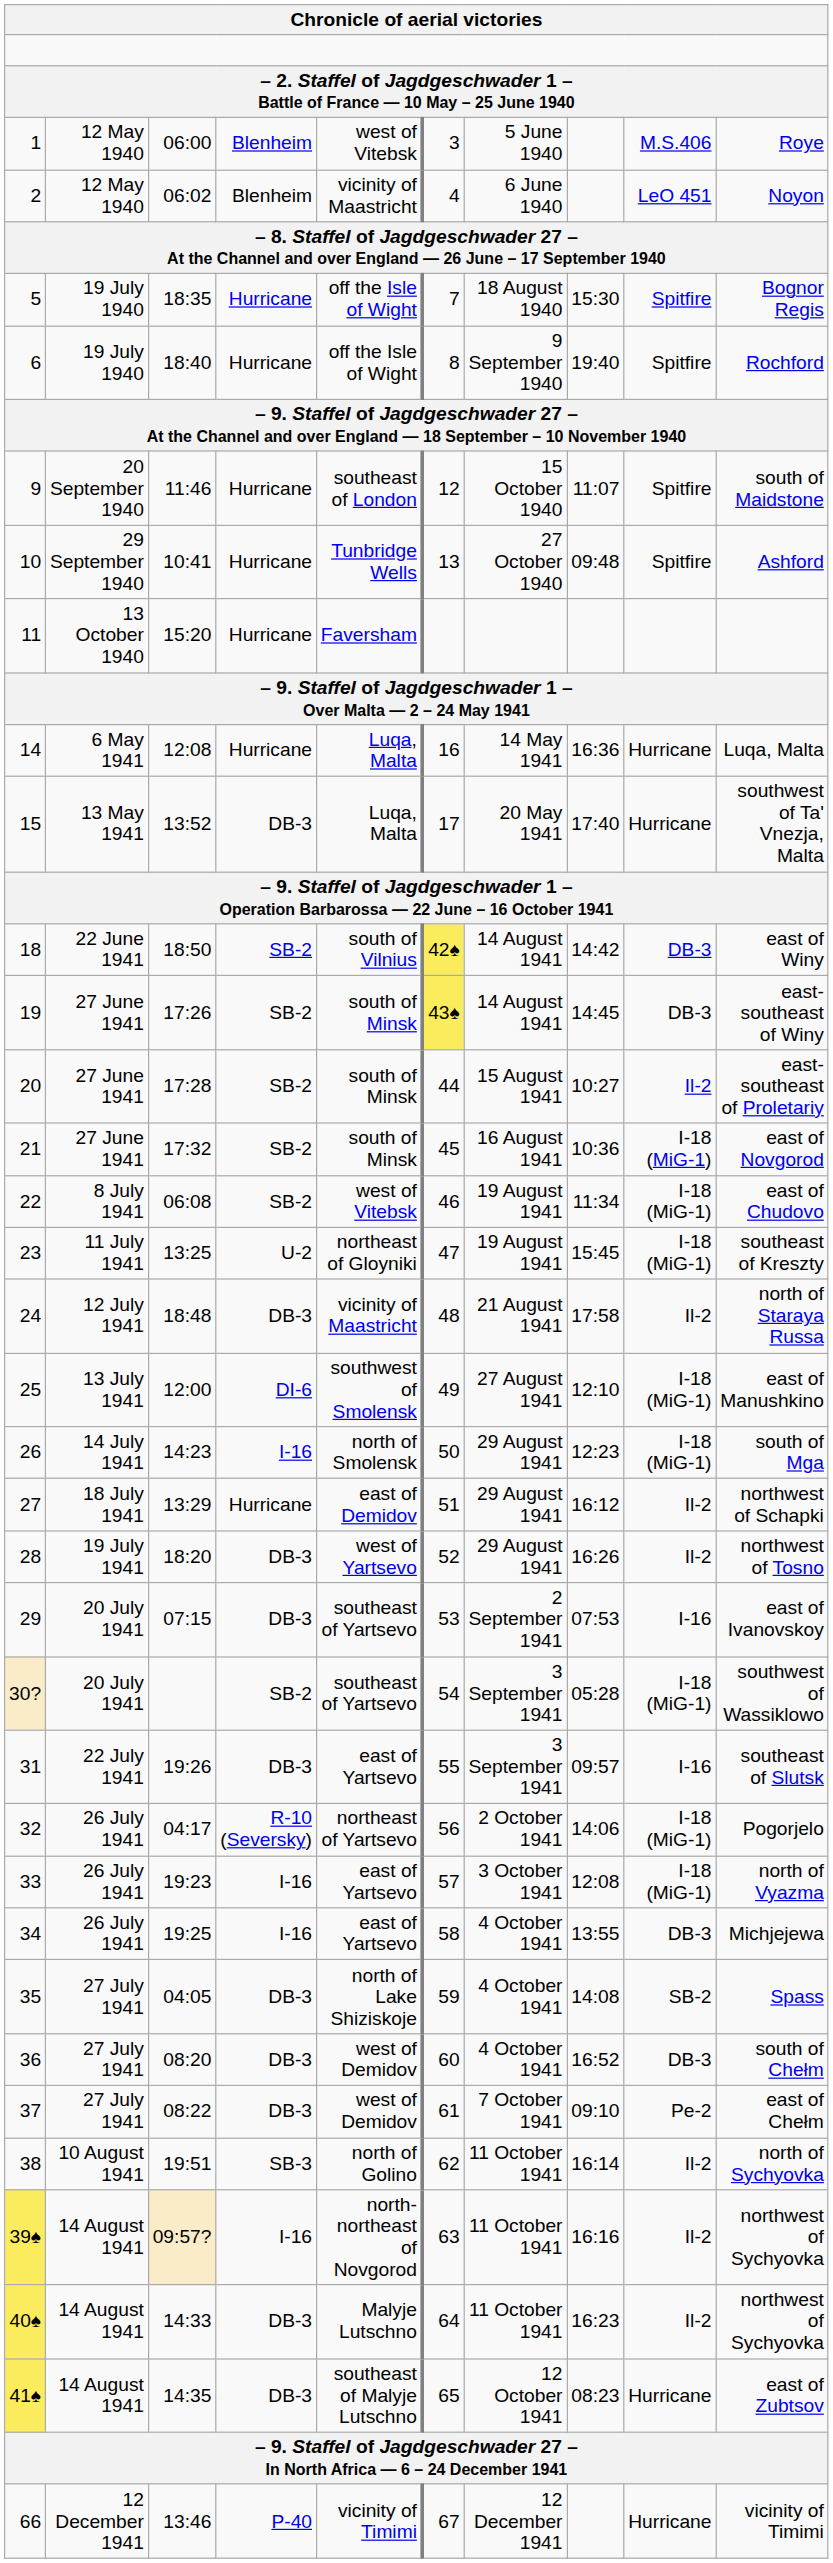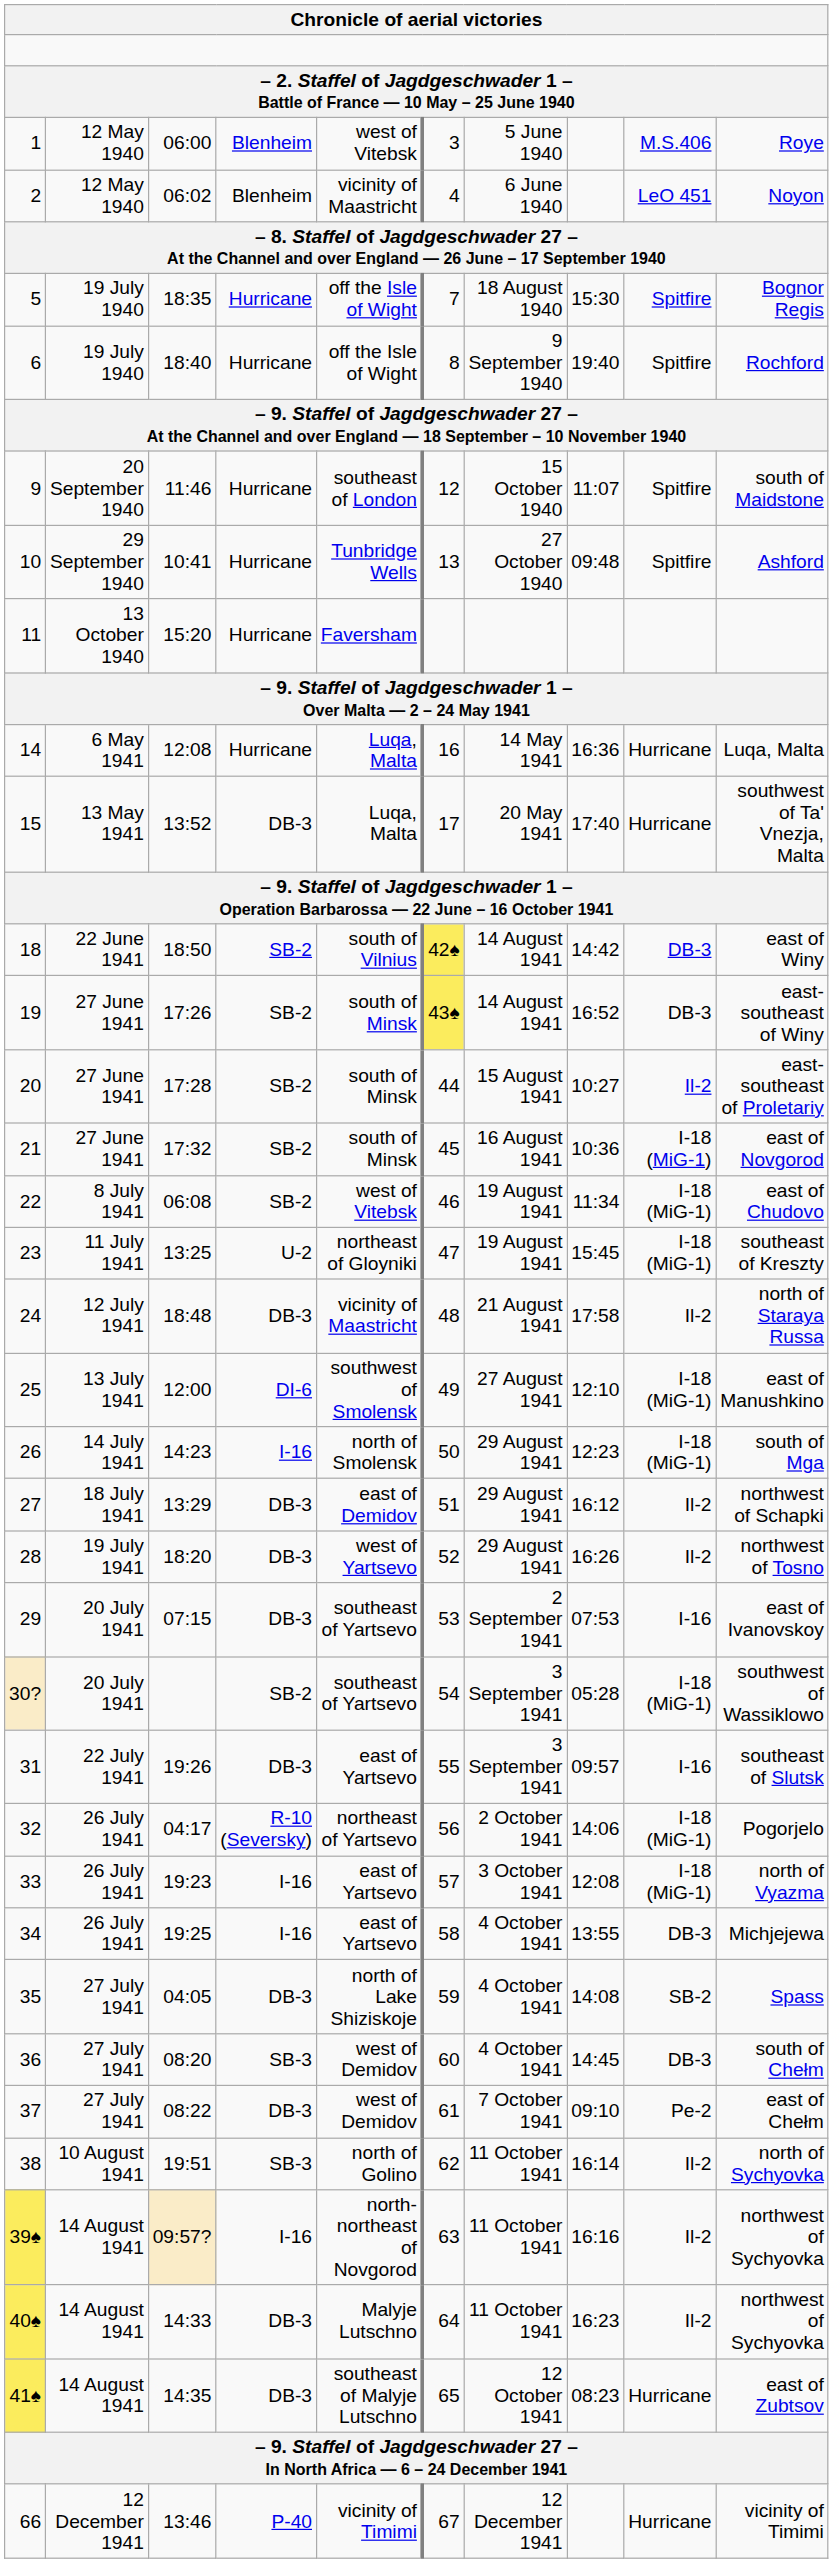 <table class="wikitable plainrowheaders collapsible" style="margin-left: auto; margin-right: auto; border: none; text-align:right; width: 100%;">
 <tr>
 <th colspan="10">Chronicle of aerial victories</th>
 </tr>
 <tr>
 <td colspan="10" style="text-align: left;"><br> </td>
 </tr>
 <tr>
 <th colspan="10">– 2. <em>Staffel</em> of <em>Jagdgeschwader</em> 1 –<br><small>Battle of France — 10 May – 25 June 1940</small></th>
 </tr>
 <tr>
 <td>1</td>
 <td>12 May 1940</td>
 <td>06:00</td>
 <td><a href='#'>Blenheim</a></td>
 <td>west of Vitebsk</td>
 <td style="border-left: 3px solid grey;">3</td>
 <td>5 June 1940</td>
 <td></td>
 <td><a href='#'>M.S.406</a></td>
 <td><a href='#'>Roye</a></td>
 </tr>
 <tr>
 <td>2</td>
 <td>12 May 1940</td>
 <td>06:02</td>
 <td>Blenheim</td>
 <td>vicinity of Maastricht</td>
 <td style="border-left: 3px solid grey;">4</td>
 <td>6 June 1940</td>
 <td></td>
 <td><a href='#'>LeO 451</a></td>
 <td><a href='#'>Noyon</a></td>
 </tr>
 <tr>
 <th colspan="10">– 8. <em>Staffel</em> of <em>Jagdgeschwader</em> 27 –<br><small>At the Channel and over England — 26 June – 17 September 1940</small></th>
 </tr>
 <tr>
 <td>5</td>
 <td>19 July 1940</td>
 <td>18:35</td>
 <td><a href='#'>Hurricane</a></td>
 <td>off the <a href='#'>Isle of Wight</a></td>
 <td style="border-left: 3px solid grey;">7</td>
 <td>18 August 1940</td>
 <td>15:30</td>
 <td><a href='#'>Spitfire</a></td>
 <td><a href='#'>Bognor Regis</a></td>
 </tr>
 <tr>
 <td>6</td>
 <td>19 July 1940</td>
 <td>18:40</td>
 <td>Hurricane</td>
 <td>off the Isle of Wight</td>
 <td style="border-left: 3px solid grey;">8</td>
 <td>9 September 1940</td>
 <td>19:40</td>
 <td>Spitfire</td>
 <td><a href='#'>Rochford</a></td>
 </tr>
 <tr>
 <th colspan="10">– 9. <em>Staffel</em> of <em>Jagdgeschwader</em> 27 –<br><small>At the Channel and over England — 18 September – 10 November 1940</small></th>
 </tr>
 <tr>
 <td>9</td>
 <td>20 September 1940</td>
 <td>11:46</td>
 <td>Hurricane</td>
 <td>southeast of <a href='#'>London</a></td>
 <td style="border-left: 3px solid grey;">12</td>
 <td>15 October 1940</td>
 <td>11:07</td>
 <td>Spitfire</td>
 <td>south of <a href='#'>Maidstone</a></td>
 </tr>
 <tr>
 <td>10</td>
 <td>29 September 1940</td>
 <td>10:41</td>
 <td>Hurricane</td>
 <td><a href='#'>Tunbridge Wells</a></td>
 <td style="border-left: 3px solid grey;">13</td>
 <td>27 October 1940</td>
 <td>09:48</td>
 <td>Spitfire</td>
 <td><a href='#'>Ashford</a></td>
 </tr>
 <tr>
 <td>11</td>
 <td>13 October 1940</td>
 <td>15:20</td>
 <td>Hurricane</td>
 <td><a href='#'>Faversham</a></td>
 <td style="border-left: 3px solid grey;"></td>
 <td></td>
 <td></td>
 <td></td>
 <td></td>
 </tr>
 <tr>
 <th colspan="10">– 9. <em>Staffel</em> of <em>Jagdgeschwader</em> 1 –<br><small>Over Malta — 2 – 24 May 1941</small></th>
 </tr>
 <tr>
 <td>14</td>
 <td>6 May 1941</td>
 <td>12:08</td>
 <td>Hurricane</td>
 <td><a href='#'>Luqa</a>, <a href='#'>Malta</a></td>
 <td style="border-left: 3px solid grey;">16</td>
 <td>14 May 1941</td>
 <td>16:36</td>
 <td>Hurricane</td>
 <td>Luqa, Malta</td>
 </tr>
 <tr>
 <td>15</td>
 <td>13 May 1941</td>
 <td>13:52</td>
 <td>DB-3</td>
 <td>Luqa, Malta</td>
 <td style="border-left: 3px solid grey;">17</td>
 <td>20 May 1941</td>
 <td>17:40</td>
 <td>Hurricane</td>
 <td>southwest of Ta' Vnezja, Malta</td>
 </tr>
 <tr>
 <th colspan="10">– 9. <em>Staffel</em> of <em>Jagdgeschwader</em> 1 –<br><small>Operation Barbarossa — 22 June – 16 October 1941</small></th>
 </tr>
 <tr>
 <td>18</td>
 <td>22 June 1941</td>
 <td>18:50</td>
 <td><a href='#'>SB-2</a></td>
 <td>south of <a href='#'>Vilnius</a></td>
 <td style="border-left: 3px solid grey; background:#fbec5d;">42♠</td>
 <td>14 August 1941</td>
 <td>14:42</td>
 <td><a href='#'>DB-3</a></td>
 <td>east of Winy</td>
 </tr>
 <tr>
 <td>19</td>
 <td>27 June 1941</td>
 <td>17:26</td>
 <td>SB-2</td>
 <td>south of <a href='#'>Minsk</a></td>
 <td style="border-left: 3px solid grey; background:#fbec5d;">43♠</td>
 <td>14 August 1941</td>
-<td>14:45</td>
+<td>16:52</td>
 <td>DB-3</td>
 <td>east-southeast of Winy</td>
 </tr>
 <tr>
 <td>20</td>
 <td>27 June 1941</td>
 <td>17:28</td>
 <td>SB-2</td>
 <td>south of Minsk</td>
 <td style="border-left: 3px solid grey;">44</td>
 <td>15 August 1941</td>
 <td>10:27</td>
 <td><a href='#'>Il-2</a></td>
 <td>east-southeast of <a href='#'>Proletariy</a></td>
 </tr>
 <tr>
 <td>21</td>
 <td>27 June 1941</td>
 <td>17:32</td>
 <td>SB-2</td>
 <td>south of Minsk</td>
 <td style="border-left: 3px solid grey;">45</td>
 <td>16 August 1941</td>
 <td>10:36</td>
 <td>I-18 (<a href='#'>MiG-1</a>)</td>
 <td>east of <a href='#'>Novgorod</a></td>
 </tr>
 <tr>
 <td>22</td>
 <td>8 July 1941</td>
 <td>06:08</td>
 <td>SB-2</td>
 <td>west of <a href='#'>Vitebsk</a></td>
 <td style="border-left: 3px solid grey;">46</td>
 <td>19 August 1941</td>
 <td>11:34</td>
 <td>I-18 (MiG-1)</td>
 <td>east of <a href='#'>Chudovo</a></td>
 </tr>
 <tr>
 <td>23</td>
 <td>11 July 1941</td>
 <td>13:25</td>
 <td>U-2</td>
 <td>northeast of Gloyniki</td>
 <td style="border-left: 3px solid grey;">47</td>
 <td>19 August 1941</td>
 <td>15:45</td>
 <td>I-18 (MiG-1)</td>
 <td>southeast of Kreszty</td>
 </tr>
 <tr>
 <td>24</td>
 <td>12 July 1941</td>
 <td>18:48</td>
 <td>DB-3</td>
 <td>vicinity of <a href='#'>Maastricht</a></td>
 <td style="border-left: 3px solid grey;">48</td>
 <td>21 August 1941</td>
 <td>17:58</td>
 <td>Il-2</td>
 <td>north of <a href='#'>Staraya Russa</a></td>
 </tr>
 <tr>
 <td>25</td>
 <td>13 July 1941</td>
 <td>12:00</td>
 <td><a href='#'>DI-6</a></td>
 <td>southwest of <a href='#'>Smolensk</a></td>
 <td style="border-left: 3px solid grey;">49</td>
 <td>27 August 1941</td>
 <td>12:10</td>
 <td>I-18 (MiG-1)</td>
 <td>east of Manushkino</td>
 </tr>
 <tr>
 <td>26</td>
 <td>14 July 1941</td>
 <td>14:23</td>
 <td><a href='#'>I-16</a></td>
 <td>north of Smolensk</td>
 <td style="border-left: 3px solid grey;">50</td>
 <td>29 August 1941</td>
 <td>12:23</td>
 <td>I-18 (MiG-1)</td>
 <td>south of <a href='#'>Mga</a></td>
 </tr>
 <tr>
 <td>27</td>
 <td>18 July 1941</td>
 <td>13:29</td>
-<td>Hurricane</td>
+<td>DB-3</td>
 <td>east of <a href='#'>Demidov</a></td>
 <td style="border-left: 3px solid grey;">51</td>
 <td>29 August 1941</td>
 <td>16:12</td>
 <td>Il-2</td>
 <td>northwest of Schapki</td>
 </tr>
 <tr>
 <td>28</td>
 <td>19 July 1941</td>
 <td>18:20</td>
 <td>DB-3</td>
 <td>west of <a href='#'>Yartsevo</a></td>
 <td style="border-left: 3px solid grey;">52</td>
 <td>29 August 1941</td>
 <td>16:26</td>
 <td>Il-2</td>
 <td>northwest of <a href='#'>Tosno</a></td>
 </tr>
 <tr>
 <td>29</td>
 <td>20 July 1941</td>
 <td>07:15</td>
 <td>DB-3</td>
 <td>southeast of Yartsevo</td>
 <td style="border-left: 3px solid grey;">53</td>
 <td>2 September 1941</td>
 <td>07:53</td>
 <td>I-16</td>
 <td>east of Ivanovskoy</td>
 </tr>
 <tr>
 <td style="background:#faecc8">30?</td>
 <td>20 July 1941</td>
 <td></td>
 <td>SB-2</td>
 <td>southeast of Yartsevo</td>
 <td style="border-left: 3px solid grey;">54</td>
 <td>3 September 1941</td>
 <td>05:28</td>
 <td>I-18 (MiG-1)</td>
 <td>southwest of Wassiklowo</td>
 </tr>
 <tr>
 <td>31</td>
 <td>22 July 1941</td>
 <td>19:26</td>
 <td>DB-3</td>
 <td>east of Yartsevo</td>
 <td style="border-left: 3px solid grey;">55</td>
 <td>3 September 1941</td>
 <td>09:57</td>
 <td>I-16</td>
 <td>southeast of <a href='#'>Slutsk</a></td>
 </tr>
 <tr>
 <td>32</td>
 <td>26 July 1941</td>
 <td>04:17</td>
 <td><a href='#'>R-10</a> (<a href='#'>Seversky</a>)</td>
 <td>northeast of Yartsevo</td>
 <td style="border-left: 3px solid grey;">56</td>
 <td>2 October 1941</td>
 <td>14:06</td>
 <td>I-18 (MiG-1)</td>
 <td>Pogorjelo</td>
 </tr>
 <tr>
 <td>33</td>
 <td>26 July 1941</td>
 <td>19:23</td>
 <td>I-16</td>
 <td>east of Yartsevo</td>
 <td style="border-left: 3px solid grey;">57</td>
 <td>3 October 1941</td>
 <td>12:08</td>
 <td>I-18 (MiG-1)</td>
 <td>north of <a href='#'>Vyazma</a></td>
 </tr>
 <tr>
 <td>34</td>
 <td>26 July 1941</td>
 <td>19:25</td>
 <td>I-16</td>
 <td>east of Yartsevo</td>
 <td style="border-left: 3px solid grey;">58</td>
 <td>4 October 1941</td>
 <td>13:55</td>
 <td>DB-3</td>
 <td>Michjejewa</td>
 </tr>
 <tr>
 <td>35</td>
 <td>27 July 1941</td>
 <td>04:05</td>
 <td>DB-3</td>
 <td>north of Lake Shiziskoje</td>
 <td style="border-left: 3px solid grey;">59</td>
 <td>4 October 1941</td>
 <td>14:08</td>
 <td>SB-2</td>
 <td><a href='#'>Spass</a></td>
 </tr>
 <tr>
 <td>36</td>
 <td>27 July 1941</td>
 <td>08:20</td>
-<td>DB-3</td>
+<td>SB-3</td>
 <td>west of Demidov</td>
 <td style="border-left: 3px solid grey;">60</td>
 <td>4 October 1941</td>
-<td>16:52</td>
+<td>14:45</td>
 <td>DB-3</td>
 <td>south of <a href='#'>Chełm</a></td>
 </tr>
 <tr>
 <td>37</td>
 <td>27 July 1941</td>
 <td>08:22</td>
 <td>DB-3</td>
 <td>west of Demidov</td>
 <td style="border-left: 3px solid grey;">61</td>
 <td>7 October 1941</td>
 <td>09:10</td>
 <td>Pe-2</td>
 <td>east of Chełm</td>
 </tr>
 <tr>
 <td>38</td>
 <td>10 August 1941</td>
 <td>19:51</td>
 <td>SB-3</td>
 <td>north of Golino</td>
 <td style="border-left: 3px solid grey;">62</td>
 <td>11 October 1941</td>
 <td>16:14</td>
 <td>Il-2</td>
 <td>north of <a href='#'>Sychyovka</a></td>
 </tr>
 <tr>
 <td style="background:#fbec5d;">39♠</td>
 <td>14 August 1941</td>
 <td style="background:#faecc8">09:57?</td>
 <td>I-16</td>
 <td>north-northeast of Novgorod</td>
 <td style="border-left: 3px solid grey;">63</td>
 <td>11 October 1941</td>
 <td>16:16</td>
 <td>Il-2</td>
 <td>northwest of Sychyovka</td>
 </tr>
 <tr>
 <td style="background:#fbec5d;">40♠</td>
 <td>14 August 1941</td>
 <td>14:33</td>
 <td>DB-3</td>
 <td>Malyje Lutschno</td>
 <td style="border-left: 3px solid grey;">64</td>
 <td>11 October 1941</td>
 <td>16:23</td>
 <td>Il-2</td>
 <td>northwest of Sychyovka</td>
 </tr>
 <tr>
 <td style="background:#fbec5d;">41♠</td>
 <td>14 August 1941</td>
 <td>14:35</td>
 <td>DB-3</td>
 <td>southeast of Malyje Lutschno</td>
 <td style="border-left: 3px solid grey;">65</td>
 <td>12 October 1941</td>
 <td>08:23</td>
 <td>Hurricane</td>
 <td>east of <a href='#'>Zubtsov</a></td>
 </tr>
 <tr>
 <th colspan="10">– 9. <em>Staffel</em> of <em>Jagdgeschwader</em> 27 –<br><small>In North Africa — 6 – 24 December 1941</small></th>
 </tr>
 <tr>
 <td>66</td>
 <td>12 December 1941</td>
 <td>13:46</td>
 <td><a href='#'>P-40</a></td>
 <td>vicinity of <a href='#'>Timimi</a></td>
 <td style="border-left: 3px solid grey;">67</td>
 <td>12 December 1941</td>
 <td></td>
 <td>Hurricane</td>
 <td>vicinity of Timimi</td>
 </tr>
 </table>
